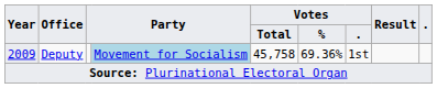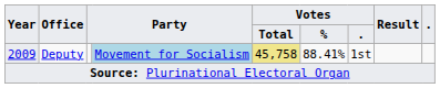 <table class="wikitable" style="font-size:90%; text-align:center;">
 <tr>
 <th style="background-color:#EAECF0;" rowspan=2>Year</th>
 <th style="background-color:#EAECF0;" rowspan=2>Office</th>
 <th style="background-color:#EAECF0;" colspan=2 rowspan=2>Party</th>
 <th style="background-color:#EAECF0;" colspan=3>Votes</th>
 <th style="background-color:#EAECF0;" rowspan=2>Result</th>
 <th style="background-color:#EAECF0;" rowspan=2>.</th>
 </tr>
 <tr>
 <th style="background-color:#EAECF0;">Total</th>
 <th style="background-color:#EAECF0;">%</th>
 <th style="background-color:#EAECF0;">.</th>
 </tr>
 <tr>
 <td style="background-color:#EAECF0;"><a href='#'>2009</a></td>
 <td><a href='#'>Deputy</a></td>
 <td style="background-color:"></td>
 <td style="background: lightblue;"><a href='#'>Movement for Socialism</a></td>
-<td>45,758</td>
-<td>69.36%</td>
+<td style="background: khaki;">45,758</td>
+<td>88.41%</td>
 <td>1st</td>
 <td></td>
 <td></td>
 </tr>
 <tr>
 <td style="background-color:#EAECF0;" colspan=9><strong>Source:</strong> <a href='#'>Plurinational Electoral Organ</a>  </td>
 </tr>
 </table>
